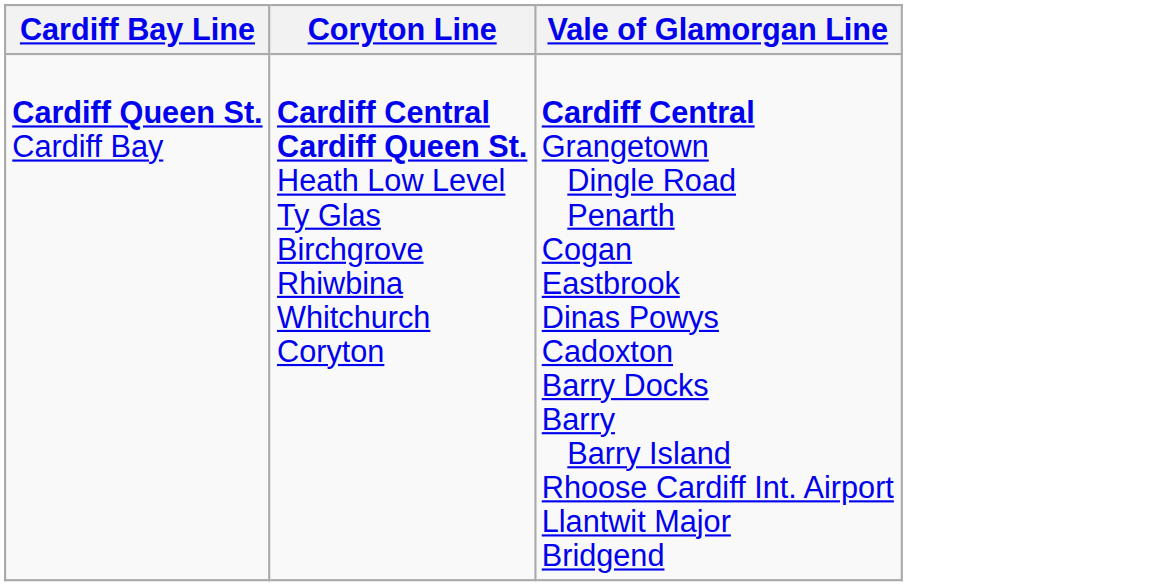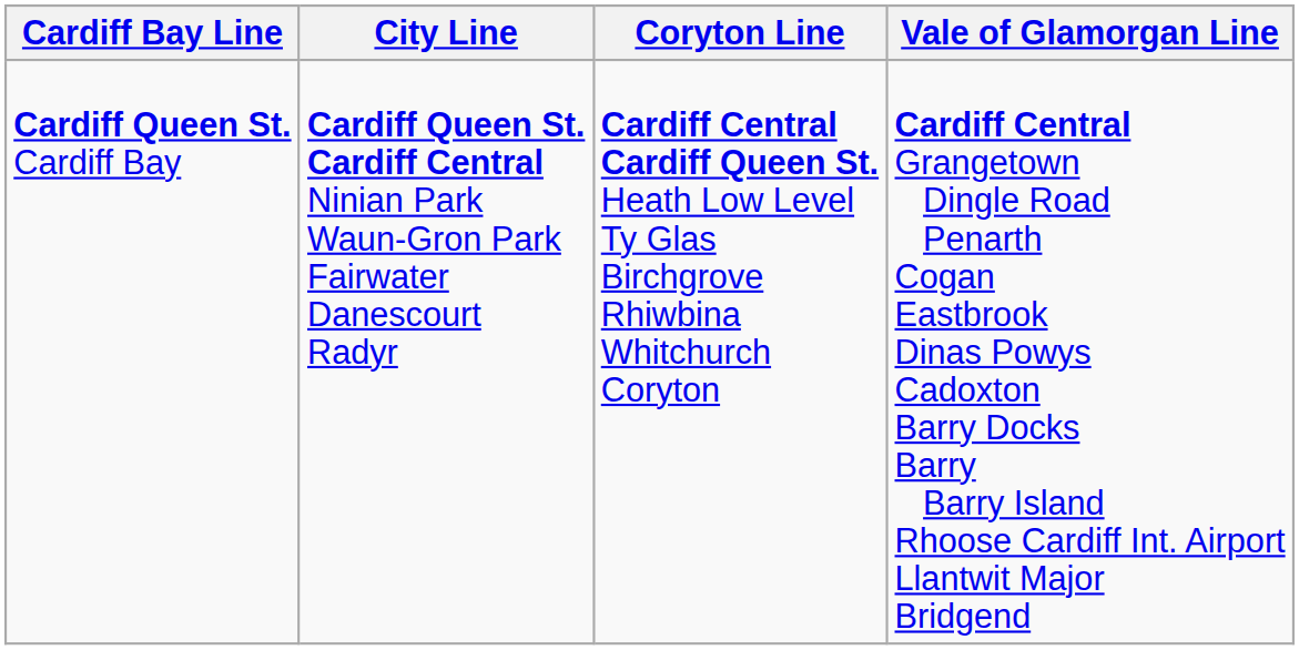 <table class="wikitable" style="font-size: 90%">
 <tr>
 <th> <a href='#'>Cardiff Bay Line</a></th>
+<th> <a href='#'>City Line</a></th>
 <th> <a href='#'>Coryton Line</a></th>
 <th> <a href='#'>Vale of Glamorgan Line</a></th>
 </tr>
 <tr valign="top">
 <td><br><strong><a href='#'>Cardiff Queen St.</a></strong><br> <a href='#'>Cardiff Bay</a><br></td>
+<td><br><strong><a href='#'>Cardiff Queen St.</a></strong><br> <strong><a href='#'>Cardiff Central</a></strong><br> <a href='#'>Ninian Park</a><br> <a href='#'>Waun-Gron Park</a><br> <a href='#'>Fairwater</a><br> <a href='#'>Danescourt</a><br> <a href='#'>Radyr</a><br></td>
 <td><br><strong><a href='#'>Cardiff Central</a></strong><br> <strong><a href='#'>Cardiff Queen St.</a></strong><br> <a href='#'>Heath Low Level</a><br> <a href='#'>Ty Glas</a><br> <a href='#'>Birchgrove</a><br> <a href='#'>Rhiwbina</a><br> <a href='#'>Whitchurch</a><br> <a href='#'>Coryton</a></td>
 <td><br><strong><a href='#'>Cardiff Central</a></strong><br> <a href='#'>Grangetown</a><br>    <a href='#'>Dingle Road</a><br>    <a href='#'>Penarth</a><br> <a href='#'>Cogan</a><br> <a href='#'>Eastbrook</a><br> <a href='#'>Dinas Powys</a><br> <a href='#'>Cadoxton</a><br> <a href='#'>Barry Docks</a><br> <a href='#'>Barry</a><br>    <a href='#'>Barry Island</a><br> <a href='#'>Rhoose Cardiff Int. Airport</a><br> <a href='#'>Llantwit Major</a><br> <a href='#'>Bridgend</a><br></td>
 </tr>
 </table>
